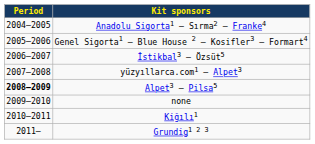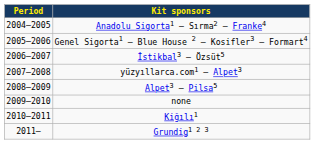 <table class="wikitable" style="text-align: center">
 <tr>
 <th style="color:#FFED00; background:#163962;">Period</th>
 <th style="color:#FFED00; background:#163962;">Kit sponsors</th>
 </tr>
 <tr>
 <td>2004–2005</td>
 <td><a href='#'>Anadolu Sigorta</a><sup>1</sup> – Sırma<sup>2</sup> – <a href='#'>Franke</a><sup>4</sup></td>
 </tr>
 <tr>
 <td>2005–2006</td>
 <td>Genel Sigorta<sup>1</sup> – Blue House <sup>2</sup> – Kosifler<sup>3</sup> – Formart<sup>4</sup></td>
 </tr>
 <tr>
 <td>2006–2007</td>
 <td><a href='#'>İstikbal</a><sup>3</sup> – Özsüt<sup>5</sup></td>
 </tr>
 <tr>
 <td>2007–2008</td>
 <td>yüzyıllarca.com<sup>1</sup> – <a href='#'>Alpet</a><sup>3</sup></td>
 </tr>
 <tr>
-<td><strong>2008–2009</strong></td>
+<td>2008–2009</td>
 <td><a href='#'>Alpet</a><sup>3</sup> – <a href='#'>Pilsa</a><sup>5</sup></td>
 </tr>
 <tr>
 <td>2009–2010</td>
 <td>none</td>
 </tr>
 <tr>
 <td>2010–2011</td>
 <td><a href='#'>Kiğılı</a><sup>1</sup></td>
 </tr>
 <tr>
 <td>2011–</td>
 <td><a href='#'>Grundig</a><sup>1 2 3</sup></td>
 </tr>
 </table>
